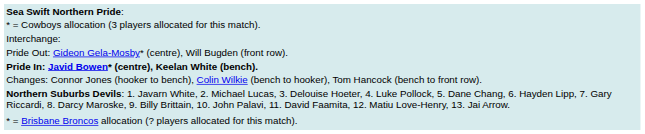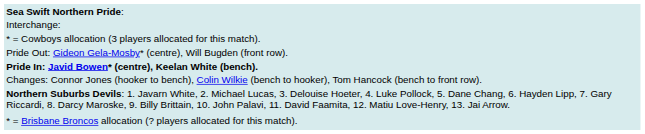 <table style="background:#d7ebed; font-size:85%; width:100%;">
 <tr>
 <td><strong>Sea Swift Northern Pride</strong>:             </td>
 </tr>
 <tr>
-<td>* = Cowboys allocation (3 players allocated for this match).</td>
+<td>Interchange:    </td>
 </tr>
 <tr>
-<td>Interchange:    </td>
+<td>* = Cowboys allocation (3 players allocated for this match).</td>
 </tr>
 <tr>
 <td>Pride Out: <a href='#'>Gideon Gela-Mosby</a>* (centre), Will Bugden (front row).</td>
 </tr>
 <tr>
 <td><strong>Pride In: <a href='#'>Javid Bowen</a>* (centre), Keelan White (bench).</strong></td>
 </tr>
 <tr>
 <td>Changes: Connor Jones (hooker to bench), <a href='#'>Colin Wilkie</a> (bench to hooker), Tom Hancock (bench to front row).</td>
 </tr>
 <tr>
 <td><strong>Northern Suburbs Devils</strong>: 1. Javarn White, 2. Michael Lucas, 3. Delouise Hoeter, 4. Luke Pollock, 5. Dane Chang, 6. Hayden Lipp, 7. Gary Riccardi, 8. Darcy Maroske, 9. Billy Brittain, 10. John Palavi, 11. David Faamita, 12. Matiu Love-Henry, 13.  Jai Arrow.</td>
 </tr>
 <tr>
 </tr>
 <tr Interchange: 14. Danny Kerr, 15. Dalton Phillips, 16. Tama Koopu, 17. Jarryd Dodd.>
 </tr>
 <tr>
 <td>* = <a href='#'>Brisbane Broncos</a> allocation (? players allocated for this match).</td>
 </tr>
 <tr>
 </tr>
 </table>
